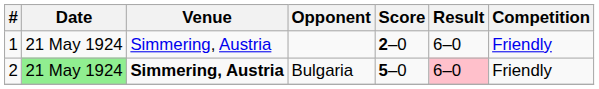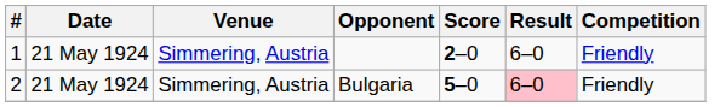 <table class="wikitable">
 <tr>
 <th>#</th>
 <th>Date</th>
 <th>Venue</th>
 <th>Opponent</th>
 <th>Score</th>
 <th>Result</th>
 <th>Competition</th>
 </tr>
 <tr>
 <td>1</td>
 <td>21 May 1924</td>
 <td><a href='#'>Simmering</a>, <a href='#'>Austria</a></td>
 <td></td>
 <td><strong>2</strong>–0</td>
 <td>6–0</td>
 <td><a href='#'>Friendly</a></td>
 </tr>
 <tr>
 <td>2</td>
-<td style="background: lightgreen;">21 May 1924</td>
-<td><strong>Simmering, Austria</strong></td>
+<td>21 May 1924</td>
+<td>Simmering, Austria</td>
 <td> Bulgaria</td>
 <td><strong>5</strong>–0</td>
 <td style="background: pink;">6–0</td>
 <td>Friendly</td>
 </tr>
 <tr>
 </tr>
 </table>
